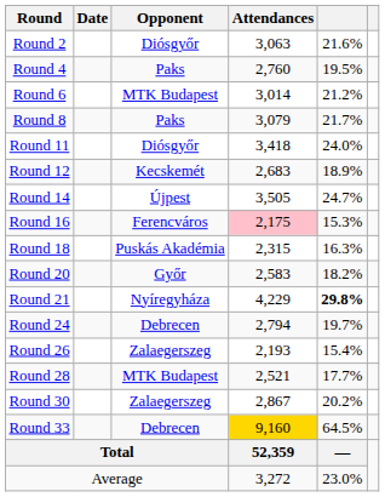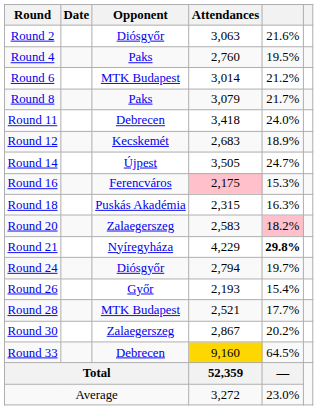 <table class="wikitable sortable mw-collapsible mw-collapsed" style="text-align:center; font-size:85%;">
 <tr>
 <th scope="col">Round</th>
 <th scope="col">Date</th>
 <th scope="col">Opponent</th>
 <th scope="col">Attendances</th>
 <th></th>
 <th></th>
 </tr>
 <tr bgcolor="white">
 <td><a href='#'>Round 2</a></td>
 <td></td>
 <td><a href='#'>Diósgyőr</a></td>
 <td>3,063</td>
 <td>21.6%</td>
 <td> </td>
 </tr>
 <tr>
 <td><a href='#'>Round 4</a></td>
 <td></td>
 <td><a href='#'>Paks</a></td>
 <td>2,760</td>
 <td>19.5%</td>
 <td> </td>
 </tr>
 <tr bgcolor="white">
 <td><a href='#'>Round 6</a></td>
 <td></td>
 <td><a href='#'>MTK Budapest</a></td>
 <td>3,014</td>
 <td>21.2%</td>
 <td> </td>
 </tr>
 <tr>
 <td><a href='#'>Round 8</a></td>
 <td></td>
 <td><a href='#'>Paks</a></td>
 <td>3,079</td>
 <td>21.7%</td>
 <td> </td>
 </tr>
 <tr bgcolor="white">
 <td><a href='#'>Round 11</a></td>
 <td></td>
-<td><a href='#'>Diósgyőr</a></td>
+<td><a href='#'>Debrecen</a></td>
 <td>3,418</td>
 <td>24.0%</td>
 <td> </td>
 </tr>
 <tr>
 <td><a href='#'>Round 12</a></td>
 <td></td>
 <td><a href='#'>Kecskemét</a></td>
 <td>2,683</td>
 <td>18.9%</td>
 <td> </td>
 </tr>
 <tr bgcolor="white">
 <td><a href='#'>Round 14</a></td>
 <td></td>
 <td><a href='#'>Újpest</a></td>
 <td>3,505</td>
 <td>24.7%</td>
 <td> </td>
 </tr>
 <tr>
 <td><a href='#'>Round 16</a></td>
 <td></td>
 <td><a href='#'>Ferencváros</a></td>
 <td style="background-color: pink;">2,175</td>
 <td>15.3%</td>
 <td> </td>
 </tr>
 <tr bgcolor="white">
 <td><a href='#'>Round 18</a></td>
 <td></td>
 <td><a href='#'>Puskás Akadémia</a></td>
 <td>2,315</td>
 <td>16.3%</td>
 <td> </td>
 </tr>
 <tr>
 <td><a href='#'>Round 20</a></td>
 <td></td>
-<td><a href='#'>Győr</a></td>
+<td><a href='#'>Zalaegerszeg</a></td>
 <td>2,583</td>
-<td>18.2%</td>
+<td style="background: pink;">18.2%</td>
 <td> </td>
 </tr>
 <tr bgcolor="white">
 <td><a href='#'>Round 21</a></td>
 <td></td>
 <td><a href='#'>Nyíregyháza</a></td>
 <td>4,229</td>
 <td><strong>29.8%</strong></td>
 <td> </td>
 </tr>
 <tr>
 <td><a href='#'>Round 24</a></td>
 <td></td>
-<td><a href='#'>Debrecen</a></td>
+<td><a href='#'>Diósgyőr</a></td>
 <td>2,794</td>
 <td>19.7%</td>
 <td> </td>
 </tr>
 <tr bgcolor="white">
 <td><a href='#'>Round 26</a></td>
 <td></td>
-<td><a href='#'>Zalaegerszeg</a></td>
+<td><a href='#'>Győr</a></td>
 <td>2,193</td>
 <td>15.4%</td>
 <td> </td>
 </tr>
 <tr>
 <td><a href='#'>Round 28</a></td>
 <td></td>
 <td><a href='#'>MTK Budapest</a></td>
 <td>2,521</td>
 <td>17.7%</td>
 <td> </td>
 </tr>
 <tr bgcolor="white">
 <td><a href='#'>Round 30</a></td>
 <td></td>
 <td><a href='#'>Zalaegerszeg</a></td>
 <td>2,867</td>
 <td>20.2%</td>
 <td> </td>
 </tr>
 <tr>
 <td><a href='#'>Round 33</a></td>
 <td></td>
 <td><a href='#'>Debrecen</a></td>
 <td style="background-color: gold;">9,160</td>
 <td>64.5%</td>
 <td> </td>
 </tr>
 <tr>
 <th colspan="3">Total</th>
 <th>52,359</th>
 <th>—</th>
 </tr>
 <tr>
 <td colspan="3">Average</td>
 <td>3,272</td>
 <td>23.0%</td>
 </tr>
 </table>
